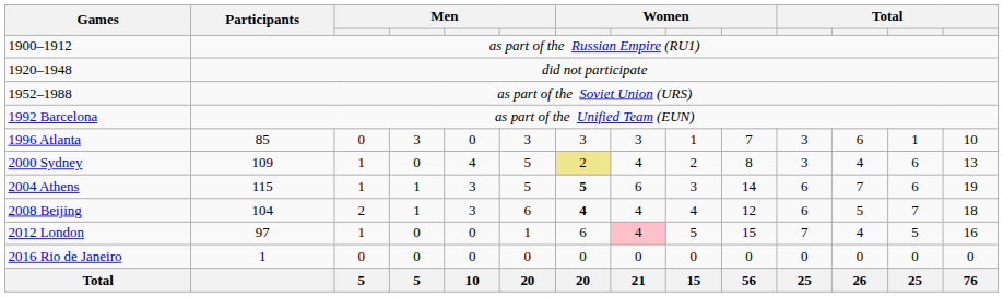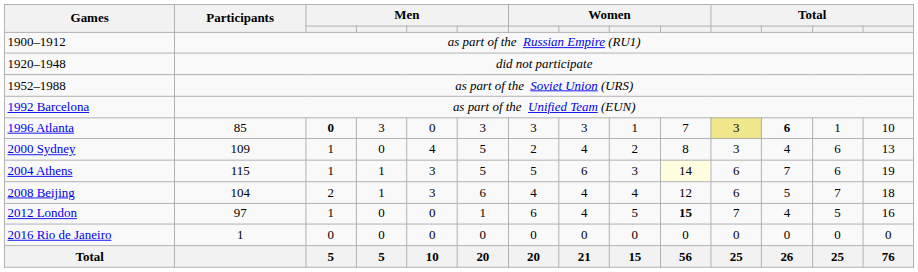 <table class="wikitable" width=80% style="font-size:90%; text-align:center;">
 <tr>
 <th width=100 rowspan=2>Games</th>
 <th width=40 rowspan=2>Participants</th>
 <th width=100 colspan=4>Men</th>
 <th width=100 colspan=4>Women</th>
 <th width=100 colspan=4>Total</th>
 </tr>
 <tr>
 <th width=25></th>
 <th width=25></th>
 <th width=25></th>
 <th width=25></th>
 <th width=25></th>
 <th width=25></th>
 <th width=25></th>
 <th width=25></th>
 <th width=25></th>
 <th width=25></th>
 <th width=25></th>
 <th width=25></th>
 </tr>
 <tr>
 <td align=left>1900–1912</td>
 <td colspan=13><em>as part of the  <a href='#'>Russian Empire</a> <span>(RU1)</span></em></td>
 </tr>
 <tr>
 <td align=left>1920–1948</td>
 <td colspan=13><em>did not participate</em></td>
 </tr>
 <tr>
 <td align=left>1952–1988</td>
 <td colspan=13><em>as part of the  <a href='#'>Soviet Union</a> <span>(URS)</span></em></td>
 </tr>
 <tr>
 <td align=left><span></span> <a href='#'>1992 Barcelona</a></td>
 <td colspan=13><em>as part of the  <a href='#'>Unified Team</a> <span>(EUN)</span></em></td>
 </tr>
 <tr>
 <td align=left><span></span> <a href='#'>1996 Atlanta</a></td>
 <td>85</td>
-<td>0</td>
+<td><strong>0</strong></td>
 <td>3</td>
 <td>0</td>
 <td>3</td>
 <td>3</td>
 <td>3</td>
 <td>1</td>
 <td>7</td>
-<td>3</td>
-<td>6</td>
+<td style="background: khaki;">3</td>
+<td><strong>6</strong></td>
 <td>1</td>
 <td>10</td>
 </tr>
 <tr>
 <td align=left><span></span> <a href='#'>2000 Sydney</a></td>
 <td>109</td>
 <td>1</td>
 <td>0</td>
 <td>4</td>
 <td>5</td>
-<td style="background: khaki;">2</td>
+<td>2</td>
 <td>4</td>
 <td>2</td>
 <td>8</td>
 <td>3</td>
 <td>4</td>
 <td>6</td>
 <td>13</td>
 </tr>
 <tr>
 <td align=left><span></span> <a href='#'>2004 Athens</a></td>
 <td>115</td>
 <td>1</td>
 <td>1</td>
 <td>3</td>
 <td>5</td>
-<td><strong>5</strong></td>
+<td>5</td>
 <td>6</td>
 <td>3</td>
-<td>14</td>
+<td style="background: lightyellow;">14</td>
 <td>6</td>
 <td>7</td>
 <td>6</td>
 <td>19</td>
 </tr>
 <tr>
 <td align=left><span></span> <a href='#'>2008 Beijing</a></td>
 <td>104</td>
 <td>2</td>
 <td>1</td>
 <td>3</td>
 <td>6</td>
-<td><strong>4</strong></td>
+<td>4</td>
 <td>4</td>
 <td>4</td>
 <td>12</td>
 <td>6</td>
 <td>5</td>
 <td>7</td>
 <td>18</td>
 </tr>
 <tr>
 <td align=left><span></span> <a href='#'>2012 London</a></td>
 <td>97</td>
 <td>1</td>
 <td>0</td>
 <td>0</td>
 <td>1</td>
 <td>6</td>
-<td style="background: pink;">4</td>
+<td>4</td>
 <td>5</td>
-<td>15</td>
+<td><strong>15</strong></td>
 <td>7</td>
 <td>4</td>
 <td>5</td>
 <td>16</td>
 </tr>
 <tr>
 <td align=left><span></span> <a href='#'>2016 Rio de Janeiro</a></td>
 <td>1</td>
 <td>0</td>
 <td>0</td>
 <td>0</td>
 <td>0</td>
 <td>0</td>
 <td>0</td>
 <td>0</td>
 <td>0</td>
 <td>0</td>
 <td>0</td>
 <td>0</td>
 <td>0</td>
 </tr>
 <tr>
 <th align=right>Total</th>
 <th></th>
 <th>5</th>
 <th>5</th>
 <th>10</th>
 <th><strong>20</strong></th>
 <th>20</th>
 <th>21</th>
 <th>15</th>
 <th><strong>56</strong></th>
 <th>25</th>
 <th>26</th>
 <th>25</th>
 <th><strong>76</strong></th>
 </tr>
 </table>
